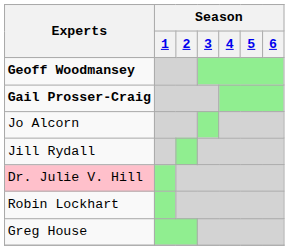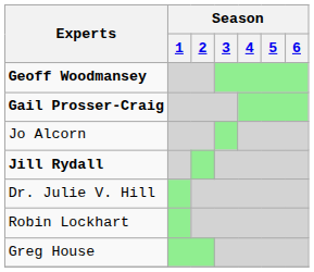 <table class="wikitable" style="line-height:15pt; text-align:left;">
 <tr>
 <th rowspan=2>Experts</th>
 <th colspan=6>Season</th>
 </tr>
 <tr>
 <th width=15px><a href='#'>1</a></th>
 <th width=15px><a href='#'>2</a></th>
 <th width=15px><a href='#'>3</a></th>
 <th width=15px><a href='#'>4</a></th>
 <th width=15px><a href='#'>5</a></th>
 <th width=15px><a href='#'>6</a></th>
 </tr>
 <tr>
 <td><strong>Geoff Woodmansey</strong></td>
 <td colspan=2 bgcolor=lightgray></td>
 <td colspan=4 bgcolor=lightgreen></td>
 </tr>
 <tr>
 <td><strong>Gail Prosser-Craig</strong></td>
 <td colspan=3 bgcolor=lightgray></td>
 <td colspan=3 bgcolor=lightgreen></td>
 </tr>
 <tr>
 <td>Jo Alcorn</td>
 <td colspan=2 bgcolor=lightgray></td>
 <td bgcolor=lightgreen></td>
 <td colspan=3 bgcolor=lightgray></td>
 </tr>
 <tr>
-<td>Jill Rydall</td>
+<td><strong>Jill Rydall</strong></td>
 <td bgcolor=lightgray></td>
 <td bgcolor=lightgreen></td>
 <td colspan=4 bgcolor=lightgray></td>
 </tr>
 <tr>
-<td style="background: pink;">Dr. Julie V. Hill</td>
+<td>Dr. Julie V. Hill</td>
 <td bgcolor=lightgreen></td>
 <td colspan=5 bgcolor=lightgray></td>
 </tr>
 <tr>
 <td>Robin Lockhart</td>
 <td bgcolor=lightgreen></td>
 <td colspan=5 bgcolor=lightgray></td>
 </tr>
 <tr>
 <td>Greg House</td>
 <td colspan=2 bgcolor=lightgreen></td>
 <td colspan=4 bgcolor=lightgray></td>
 </tr>
 <tr>
 </tr>
 </table>
